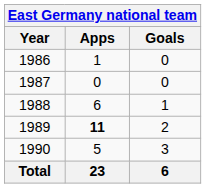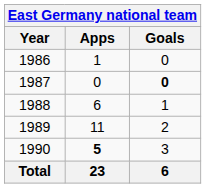 <table class="wikitable" style="text-align:center">
 <tr>
 <th colspan=3><a href='#'>East Germany national team</a></th>
 </tr>
 <tr>
 <th>Year</th>
 <th>Apps</th>
 <th>Goals</th>
 </tr>
 <tr>
 <td>1986</td>
 <td>1</td>
 <td>0</td>
 </tr>
 <tr>
 <td>1987</td>
 <td>0</td>
-<td>0</td>
+<td><strong>0</strong></td>
 </tr>
 <tr>
 <td>1988</td>
 <td>6</td>
 <td>1</td>
 </tr>
 <tr>
 <td>1989</td>
-<td><strong>11</strong></td>
+<td>11</td>
 <td>2</td>
 </tr>
 <tr>
 <td>1990</td>
-<td>5</td>
+<td><strong>5</strong></td>
 <td>3</td>
 </tr>
 <tr>
 <th>Total</th>
 <th>23</th>
 <th>6</th>
 </tr>
 </table>
